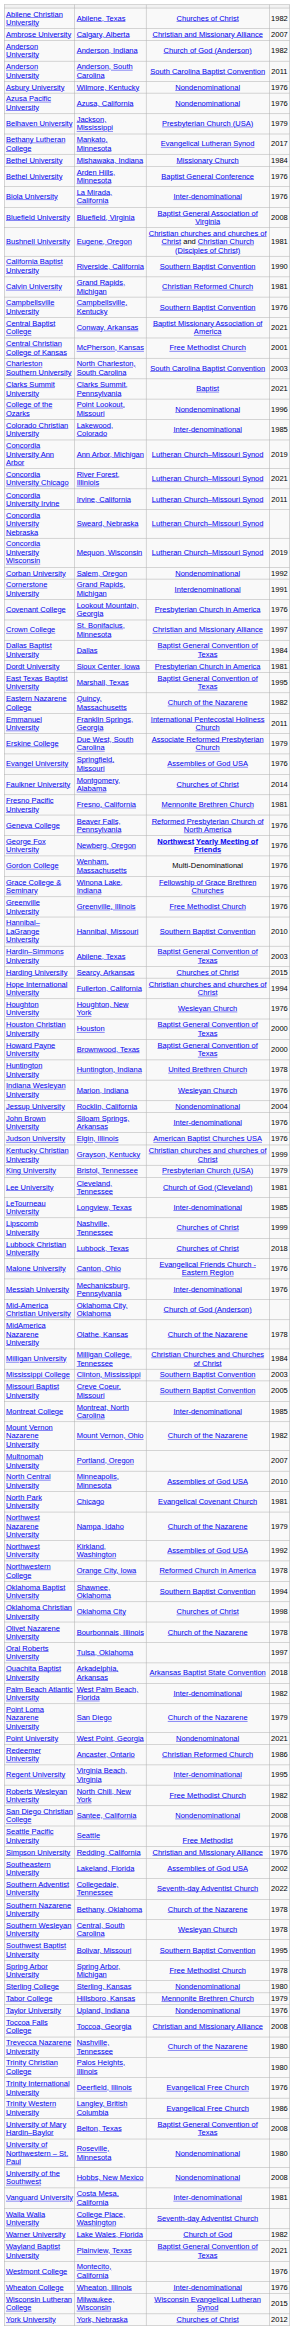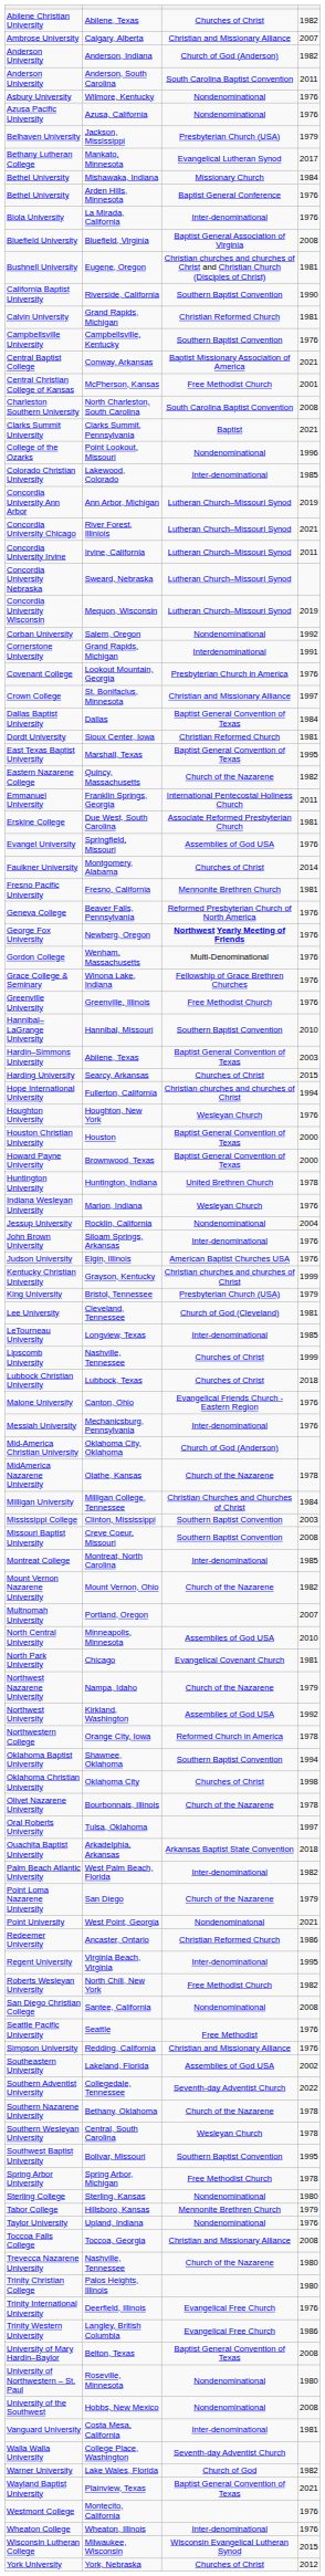 <table class="wikitable sortable" style="float:left;">
 <tr>
 <th></th>
 <th></th>
 <th></th>
 <th></th>
 </tr>
 <tr>
 <td><a href='#'>Abilene Christian University</a></td>
 <td><a href='#'>Abilene, Texas</a></td>
 <td style="text-align:center;"><a href='#'>Churches of Christ</a></td>
 <td style="text-align:center;">1982</td>
 </tr>
 <tr>
 <td><a href='#'>Ambrose University</a></td>
 <td><a href='#'>Calgary, Alberta</a></td>
 <td style="text-align:center;"><a href='#'>Christian and Missionary Alliance</a></td>
 <td style="text-align:center;">2007</td>
 </tr>
 <tr>
 <td><a href='#'>Anderson University</a></td>
 <td><a href='#'>Anderson, Indiana</a></td>
 <td style="text-align:center;"><a href='#'>Church of God (Anderson)</a></td>
 <td style="text-align:center;">1982</td>
 </tr>
 <tr>
 <td><a href='#'>Anderson University</a></td>
 <td><a href='#'>Anderson, South Carolina</a></td>
 <td style="text-align:center;"><a href='#'>South Carolina Baptist Convention</a></td>
 <td style="text-align:center;">2011</td>
 </tr>
 <tr>
 <td><a href='#'>Asbury University</a></td>
 <td><a href='#'>Wilmore, Kentucky</a></td>
 <td style="text-align:center;"><a href='#'>Nondenominational</a></td>
 <td style="text-align:center;">1976</td>
 </tr>
 <tr>
 <td><a href='#'>Azusa Pacific University</a></td>
 <td><a href='#'>Azusa, California</a></td>
 <td style="text-align:center;"><a href='#'>Nondenominational</a></td>
 <td style="text-align:center;">1976</td>
 </tr>
 <tr>
 <td><a href='#'>Belhaven University</a></td>
 <td><a href='#'>Jackson, Mississippi</a></td>
 <td style="text-align:center;"><a href='#'>Presbyterian Church (USA)</a></td>
 <td style="text-align:center;">1979</td>
 </tr>
 <tr>
 <td><a href='#'>Bethany Lutheran College</a></td>
 <td><a href='#'>Mankato, Minnesota</a></td>
 <td style="text-align:center;"><a href='#'>Evangelical Lutheran Synod</a></td>
 <td style="text-align:center;">2017</td>
 </tr>
 <tr>
 <td><a href='#'>Bethel University</a></td>
 <td><a href='#'>Mishawaka, Indiana</a></td>
 <td style="text-align:center;"><a href='#'>Missionary Church</a></td>
 <td style="text-align:center;">1984</td>
 </tr>
 <tr>
 <td><a href='#'>Bethel University</a></td>
 <td><a href='#'>Arden Hills, Minnesota</a></td>
 <td style="text-align:center;"><a href='#'>Baptist General Conference</a></td>
 <td style="text-align:center;">1976</td>
 </tr>
 <tr>
 <td><a href='#'>Biola University</a></td>
 <td><a href='#'>La Mirada, California</a></td>
 <td style="text-align:center;"><a href='#'>Inter-denominational</a></td>
 <td style="text-align:center;">1976</td>
 </tr>
 <tr>
 <td><a href='#'>Bluefield University</a></td>
 <td><a href='#'>Bluefield, Virginia</a></td>
 <td style="text-align:center;"><a href='#'>Baptist General Association of Virginia</a></td>
 <td style="text-align:center;">2008</td>
 </tr>
 <tr>
 <td><a href='#'>Bushnell University</a></td>
 <td><a href='#'>Eugene, Oregon</a></td>
 <td style="text-align:center;"><a href='#'>Christian churches and churches of Christ</a> and <a href='#'>Christian Church (Disciples of Christ)</a></td>
 <td style="text-align:center;">1981</td>
 </tr>
 <tr>
 <td><a href='#'>California Baptist University</a></td>
 <td><a href='#'>Riverside, California</a></td>
 <td style="text-align:center;"><a href='#'>Southern Baptist Convention</a></td>
 <td style="text-align:center;">1990</td>
 </tr>
 <tr>
 <td><a href='#'>Calvin University</a></td>
 <td><a href='#'>Grand Rapids, Michigan</a></td>
 <td style="text-align:center;"><a href='#'>Christian Reformed Church</a></td>
 <td style="text-align:center;">1981</td>
 </tr>
 <tr>
 <td><a href='#'>Campbellsville University</a></td>
 <td><a href='#'>Campbellsville, Kentucky</a></td>
 <td style="text-align:center;"><a href='#'>Southern Baptist Convention</a></td>
 <td style="text-align:center;">1976</td>
 </tr>
 <tr>
 <td><a href='#'>Central Baptist College</a></td>
 <td><a href='#'>Conway, Arkansas</a></td>
 <td style="text-align:center;"><a href='#'>Baptist Missionary Association of America</a></td>
 <td style="text-align:center;">2021</td>
 </tr>
 <tr>
 <td><a href='#'>Central Christian College of Kansas</a></td>
 <td><a href='#'>McPherson, Kansas</a></td>
 <td style="text-align:center;"><a href='#'>Free Methodist Church</a></td>
 <td style="text-align:center;">2001</td>
 </tr>
 <tr>
 <td><a href='#'>Charleston Southern University</a></td>
 <td><a href='#'>North Charleston, South Carolina</a></td>
 <td style="text-align:center;"><a href='#'>South Carolina Baptist Convention</a></td>
-<td style="text-align:center;">2003</td>
+<td style="text-align:center;">2008</td>
 </tr>
 <tr>
 <td><a href='#'>Clarks Summit University</a></td>
 <td><a href='#'>Clarks Summit, Pennsylvania</a></td>
 <td style="text-align:center;"><a href='#'>Baptist</a></td>
 <td style="text-align:center;">2021</td>
 </tr>
 <tr>
 <td><a href='#'>College of the Ozarks</a></td>
 <td><a href='#'>Point Lookout, Missouri</a></td>
 <td style="text-align:center;"><a href='#'>Nondenominational</a></td>
 <td style="text-align:center;">1996</td>
 </tr>
 <tr>
 <td><a href='#'>Colorado Christian University</a></td>
 <td><a href='#'>Lakewood, Colorado</a></td>
 <td style="text-align:center;"><a href='#'>Inter-denominational</a></td>
 <td style="text-align:center;">1985</td>
 </tr>
 <tr>
 <td><a href='#'>Concordia University Ann Arbor</a></td>
 <td><a href='#'>Ann Arbor, Michigan</a></td>
 <td style="text-align:center;"><a href='#'>Lutheran Church–Missouri Synod</a></td>
 <td style="text-align:center;">2019</td>
 </tr>
 <tr>
 <td><a href='#'>Concordia University Chicago</a></td>
 <td><a href='#'>River Forest, Illiniois</a></td>
 <td style="text-align:center;"><a href='#'>Lutheran Church–Missouri Synod</a></td>
 <td style="text-align:center;">2021</td>
 </tr>
 <tr>
 <td><a href='#'>Concordia University Irvine</a></td>
 <td><a href='#'>Irvine, California</a></td>
 <td style="text-align:center;"><a href='#'>Lutheran Church–Missouri Synod</a></td>
 <td style="text-align:center;">2011</td>
 </tr>
 <tr>
 <td><a href='#'>Concordia University Nebraska</a></td>
 <td><a href='#'>Sweard, Nebraska</a></td>
 <td style="text-align:center;"><a href='#'>Lutheran Church–Missouri Synod</a></td>
 <td style="text-align:center;"></td>
 </tr>
 <tr>
 <td><a href='#'>Concordia University Wisconsin</a></td>
 <td><a href='#'>Mequon, Wisconsin</a></td>
 <td style="text-align:center;"><a href='#'>Lutheran Church–Missouri Synod</a></td>
 <td style="text-align:center;">2019</td>
 </tr>
 <tr>
 <td><a href='#'>Corban University</a></td>
 <td><a href='#'>Salem, Oregon</a></td>
 <td style="text-align:center;"><a href='#'>Nondenominational</a></td>
 <td style="text-align:center;">1992</td>
 </tr>
 <tr>
 <td><a href='#'>Cornerstone University</a></td>
 <td><a href='#'>Grand Rapids, Michigan</a></td>
 <td style="text-align:center;"><a href='#'>Interdenominational</a></td>
 <td style="text-align:center;">1991</td>
 </tr>
 <tr>
 <td><a href='#'>Covenant College</a></td>
 <td><a href='#'>Lookout Mountain, Georgia</a></td>
 <td style="text-align:center;"><a href='#'>Presbyterian Church in America</a></td>
 <td style="text-align:center;">1976</td>
 </tr>
 <tr>
 <td><a href='#'>Crown College</a></td>
 <td><a href='#'>St. Bonifacius, Minnesota</a></td>
 <td style="text-align:center;"><a href='#'>Christian and Missionary Alliance</a></td>
 <td style="text-align:center;">1997</td>
 </tr>
 <tr>
 <td><a href='#'>Dallas Baptist University</a></td>
 <td><a href='#'>Dallas</a></td>
 <td style="text-align:center;"><a href='#'>Baptist General Convention of Texas</a></td>
 <td style="text-align:center;">1984</td>
 </tr>
 <tr>
 <td><a href='#'>Dordt University</a></td>
 <td><a href='#'>Sioux Center, Iowa</a></td>
-<td style="text-align:center;"><a href='#'>Presbyterian Church in America</a></td>
+<td style="text-align:center;"><a href='#'>Christian Reformed Church</a></td>
 <td style="text-align:center;">1981</td>
 </tr>
 <tr>
 <td><a href='#'>East Texas Baptist University</a></td>
 <td><a href='#'>Marshall, Texas</a></td>
 <td style="text-align:center;"><a href='#'>Baptist General Convention of Texas</a></td>
 <td style="text-align:center;">1995</td>
 </tr>
 <tr>
 <td><a href='#'>Eastern Nazarene College</a></td>
 <td><a href='#'>Quincy, Massachusetts</a></td>
 <td style="text-align:center;"><a href='#'>Church of the Nazarene</a></td>
 <td style="text-align:center;">1982</td>
 </tr>
 <tr>
 <td><a href='#'>Emmanuel University</a></td>
 <td><a href='#'>Franklin Springs, Georgia</a></td>
 <td style="text-align:center;"><a href='#'>International Pentecostal Holiness Church</a></td>
 <td style="text-align:center;">2011</td>
 </tr>
 <tr>
 <td><a href='#'>Erskine College</a></td>
 <td><a href='#'>Due West, South Carolina</a></td>
 <td style="text-align:center;"><a href='#'>Associate Reformed Presbyterian Church</a></td>
-<td style="text-align:center;">1979</td>
+<td style="text-align:center;">1981</td>
 </tr>
 <tr>
 <td><a href='#'>Evangel University</a></td>
 <td><a href='#'>Springfield, Missouri</a></td>
 <td style="text-align:center;"><a href='#'>Assemblies of God USA</a></td>
 <td style="text-align:center;">1976</td>
 </tr>
 <tr>
 <td><a href='#'>Faulkner University</a></td>
 <td><a href='#'>Montgomery, Alabama</a></td>
 <td style="text-align:center;"><a href='#'>Churches of Christ</a></td>
 <td style="text-align:center;">2014</td>
 </tr>
 <tr>
 <td><a href='#'>Fresno Pacific University</a></td>
 <td><a href='#'>Fresno, California</a></td>
 <td style="text-align:center;"><a href='#'>Mennonite Brethren Church</a></td>
 <td style="text-align:center;">1981</td>
 </tr>
 <tr>
 <td><a href='#'>Geneva College</a></td>
 <td><a href='#'>Beaver Falls, Pennsylvania</a></td>
 <td style="text-align:center;"><a href='#'>Reformed Presbyterian Church of North America</a></td>
 <td style="text-align:center;">1976</td>
 </tr>
 <tr>
 <td><a href='#'>George Fox University</a></td>
 <td><a href='#'>Newberg, Oregon</a></td>
 <td style="text-align:center;"><strong><a href='#'>Northwest</a> <a href='#'>Yearly Meeting of Friends</a></strong></td>
 <td style="text-align:center;">1976</td>
 </tr>
 <tr>
 <td><a href='#'>Gordon College</a></td>
 <td><a href='#'>Wenham, Massachusetts</a></td>
 <td style="text-align:center;">Multi-Denominational</td>
 <td style="text-align:center;">1976</td>
 </tr>
 <tr>
 <td><a href='#'>Grace College & Seminary</a></td>
 <td><a href='#'>Winona Lake, Indiana</a></td>
 <td style="text-align:center;"><a href='#'>Fellowship of Grace Brethren Churches</a></td>
 <td style="text-align:center;">1976</td>
 </tr>
 <tr>
 <td><a href='#'>Greenville University</a></td>
 <td><a href='#'>Greenville, Illinois</a></td>
 <td style="text-align:center;"><a href='#'>Free Methodist Church</a></td>
 <td style="text-align:center;">1976</td>
 </tr>
 <tr>
 <td><a href='#'>Hannibal–LaGrange University</a></td>
 <td><a href='#'>Hannibal, Missouri</a></td>
 <td style="text-align:center;"><a href='#'>Southern Baptist Convention</a></td>
 <td style="text-align:center;">2010</td>
 </tr>
 <tr>
 <td><a href='#'>Hardin–Simmons University</a></td>
 <td><a href='#'>Abilene, Texas</a></td>
 <td style="text-align:center;"><a href='#'>Baptist General Convention of Texas</a></td>
 <td style="text-align:center;">2003</td>
 </tr>
 <tr>
 <td><a href='#'>Harding University</a></td>
 <td><a href='#'>Searcy, Arkansas</a></td>
 <td style="text-align:center;"><a href='#'>Churches of Christ</a></td>
 <td style="text-align:center;">2015</td>
 </tr>
 <tr>
 <td><a href='#'>Hope International University</a></td>
 <td><a href='#'>Fullerton, California</a></td>
 <td style="text-align:center;"><a href='#'>Christian churches and churches of Christ</a></td>
 <td style="text-align:center;">1994</td>
 </tr>
 <tr>
 <td><a href='#'>Houghton University</a></td>
 <td><a href='#'>Houghton, New York</a></td>
 <td style="text-align:center;"><a href='#'>Wesleyan Church</a></td>
 <td style="text-align:center;">1976</td>
 </tr>
 <tr>
 <td><a href='#'>Houston Christian University</a></td>
 <td><a href='#'>Houston</a></td>
 <td style="text-align:center;"><a href='#'>Baptist General Convention of Texas</a></td>
 <td style="text-align:center;">2000</td>
 </tr>
 <tr>
 <td><a href='#'>Howard Payne University</a></td>
 <td><a href='#'>Brownwood, Texas</a></td>
 <td style="text-align:center;"><a href='#'>Baptist General Convention of Texas</a></td>
 <td style="text-align:center;">2000</td>
 </tr>
 <tr>
 <td><a href='#'>Huntington University</a></td>
 <td><a href='#'>Huntington, Indiana</a></td>
 <td style="text-align:center;"><a href='#'>United Brethren Church</a></td>
 <td style="text-align:center;">1978</td>
 </tr>
 <tr>
 <td><a href='#'>Indiana Wesleyan University</a></td>
 <td><a href='#'>Marion, Indiana</a></td>
 <td style="text-align:center;"><a href='#'>Wesleyan Church</a></td>
 <td style="text-align:center;">1976</td>
 </tr>
 <tr>
 <td><a href='#'>Jessup University</a></td>
 <td><a href='#'>Rocklin, California</a></td>
 <td style="text-align:center;"><a href='#'>Nondenominational</a></td>
 <td style="text-align:center;">2004</td>
 </tr>
 <tr>
 <td><a href='#'>John Brown University</a></td>
 <td><a href='#'>Siloam Springs, Arkansas</a></td>
 <td style="text-align:center;"><a href='#'>Inter-denominational</a></td>
 <td style="text-align:center;">1976</td>
 </tr>
 <tr>
 <td><a href='#'>Judson University</a></td>
 <td><a href='#'>Elgin, Illinois</a></td>
 <td style="text-align:center;"><a href='#'>American Baptist Churches USA</a></td>
 <td style="text-align:center;">1976</td>
 </tr>
 <tr>
 <td><a href='#'>Kentucky Christian University</a></td>
 <td><a href='#'>Grayson, Kentucky</a></td>
 <td style="text-align:center;"><a href='#'>Christian churches and churches of Christ</a></td>
 <td style="text-align:center;">1999</td>
 </tr>
 <tr>
 <td><a href='#'>King University</a></td>
 <td><a href='#'>Bristol, Tennessee</a></td>
 <td style="text-align:center;"><a href='#'>Presbyterian Church (USA)</a></td>
 <td style="text-align:center;">1979</td>
 </tr>
 <tr>
 <td><a href='#'>Lee University</a></td>
 <td><a href='#'>Cleveland, Tennessee</a></td>
 <td style="text-align:center;"><a href='#'>Church of God (Cleveland)</a></td>
 <td style="text-align:center;">1981</td>
 </tr>
 <tr>
 <td><a href='#'>LeTourneau University</a></td>
 <td><a href='#'>Longview, Texas</a></td>
 <td style="text-align:center;"><a href='#'>Inter-denominational</a></td>
 <td style="text-align:center;">1985</td>
 </tr>
 <tr>
 <td><a href='#'>Lipscomb University</a></td>
 <td><a href='#'>Nashville, Tennessee</a></td>
 <td style="text-align:center;"><a href='#'>Churches of Christ</a></td>
 <td style="text-align:center;">1999</td>
 </tr>
 <tr>
 <td><a href='#'>Lubbock Christian University</a></td>
 <td><a href='#'>Lubbock, Texas</a></td>
 <td style="text-align:center;"><a href='#'>Churches of Christ</a></td>
 <td style="text-align:center;">2018</td>
 </tr>
 <tr>
 <td><a href='#'>Malone University</a></td>
 <td><a href='#'>Canton, Ohio</a></td>
 <td style="text-align:center;"><a href='#'>Evangelical Friends Church - Eastern Region</a></td>
 <td style="text-align:center;">1976</td>
 </tr>
 <tr>
 <td><a href='#'>Messiah University</a></td>
 <td><a href='#'>Mechanicsburg, Pennsylvania</a></td>
 <td style="text-align:center;"><a href='#'>Inter-denominational</a></td>
 <td style="text-align:center;">1976</td>
 </tr>
 <tr>
 <td><a href='#'>Mid-America Christian University</a></td>
 <td><a href='#'>Oklahoma City, Oklahoma</a></td>
 <td style="text-align:center;"><a href='#'>Church of God (Anderson)</a></td>
 <td style="text-align:center;"></td>
 </tr>
 <tr>
 <td><a href='#'>MidAmerica Nazarene University</a></td>
 <td><a href='#'>Olathe, Kansas</a></td>
 <td style="text-align:center;"><a href='#'>Church of the Nazarene</a></td>
 <td style="text-align:center;">1978</td>
 </tr>
 <tr>
 <td><a href='#'>Milligan University</a></td>
 <td><a href='#'>Milligan College, Tennessee</a></td>
 <td style="text-align:center;"><a href='#'>Christian Churches and Churches of Christ</a></td>
 <td style="text-align:center;">1984</td>
 </tr>
 <tr>
 <td><a href='#'>Mississippi College</a></td>
 <td><a href='#'>Clinton, Mississippi</a></td>
 <td style="text-align:center;"><a href='#'>Southern Baptist Convention</a></td>
 <td style="text-align:center;">2003</td>
 </tr>
 <tr>
 <td><a href='#'>Missouri Baptist University</a></td>
 <td><a href='#'>Creve Coeur, Missouri</a></td>
 <td style="text-align:center;"><a href='#'>Southern Baptist Convention</a></td>
-<td style="text-align:center;">2005</td>
+<td style="text-align:center;">2008</td>
 </tr>
 <tr>
 <td><a href='#'>Montreat College</a></td>
 <td><a href='#'>Montreat, North Carolina</a></td>
 <td style="text-align:center;"><a href='#'>Inter-denominational</a></td>
 <td style="text-align:center;">1985</td>
 </tr>
 <tr>
 <td><a href='#'>Mount Vernon Nazarene University</a></td>
 <td><a href='#'>Mount Vernon, Ohio</a></td>
 <td style="text-align:center;"><a href='#'>Church of the Nazarene</a></td>
 <td style="text-align:center;">1982</td>
 </tr>
 <tr>
 <td><a href='#'>Multnomah University</a></td>
 <td><a href='#'>Portland, Oregon</a></td>
 <td></td>
 <td style="text-align:center;">2007</td>
 </tr>
 <tr>
 <td><a href='#'>North Central University</a></td>
 <td><a href='#'>Minneapolis, Minnesota</a></td>
 <td style="text-align:center;"><a href='#'>Assemblies of God USA</a></td>
 <td style="text-align:center;">2010</td>
 </tr>
 <tr>
 <td><a href='#'>North Park University</a></td>
 <td><a href='#'>Chicago</a></td>
 <td style="text-align:center;"><a href='#'>Evangelical Covenant Church</a></td>
 <td style="text-align:center;">1981</td>
 </tr>
 <tr>
 <td><a href='#'>Northwest Nazarene University</a></td>
 <td><a href='#'>Nampa, Idaho</a></td>
 <td style="text-align:center;"><a href='#'>Church of the Nazarene</a></td>
 <td style="text-align:center;">1979</td>
 </tr>
 <tr>
 <td><a href='#'>Northwest University</a></td>
 <td><a href='#'>Kirkland, Washington</a></td>
 <td style="text-align:center;"><a href='#'>Assemblies of God USA</a></td>
 <td style="text-align:center;">1992</td>
 </tr>
 <tr>
 <td><a href='#'>Northwestern College</a></td>
 <td><a href='#'>Orange City, Iowa</a></td>
 <td style="text-align:center;"><a href='#'>Reformed Church in America</a></td>
 <td style="text-align:center;">1978</td>
 </tr>
 <tr>
 <td><a href='#'>Oklahoma Baptist University</a></td>
 <td><a href='#'>Shawnee, Oklahoma</a></td>
 <td style="text-align:center;"><a href='#'>Southern Baptist Convention</a></td>
 <td style="text-align:center;">1994</td>
 </tr>
 <tr>
 <td><a href='#'>Oklahoma Christian University</a></td>
 <td><a href='#'>Oklahoma City</a></td>
 <td style="text-align:center;"><a href='#'>Churches of Christ</a></td>
 <td style="text-align:center;">1998</td>
 </tr>
 <tr>
 <td><a href='#'>Olivet Nazarene University</a></td>
 <td><a href='#'>Bourbonnais, Illinois</a></td>
 <td style="text-align:center;"><a href='#'>Church of the Nazarene</a></td>
 <td style="text-align:center;">1978</td>
 </tr>
 <tr>
 <td><a href='#'>Oral Roberts University</a></td>
 <td><a href='#'>Tulsa, Oklahoma</a></td>
 <td style="text-align:center;"></td>
 <td style="text-align:center;">1997</td>
 </tr>
 <tr>
 <td><a href='#'>Ouachita Baptist University</a></td>
 <td><a href='#'>Arkadelphia, Arkansas</a></td>
 <td style="text-align:center;"><a href='#'>Arkansas Baptist State Convention</a></td>
 <td style="text-align:center;">2018</td>
 </tr>
 <tr>
 <td><a href='#'>Palm Beach Atlantic University</a></td>
 <td><a href='#'>West Palm Beach, Florida</a></td>
 <td style="text-align:center;"><a href='#'>Inter-denominational</a></td>
 <td style="text-align:center;">1982</td>
 </tr>
 <tr>
 <td><a href='#'>Point Loma Nazarene University</a></td>
 <td><a href='#'>San Diego</a></td>
 <td style="text-align:center;"><a href='#'>Church of the Nazarene</a></td>
 <td style="text-align:center;">1979</td>
 </tr>
 <tr>
 <td><a href='#'>Point University</a></td>
 <td><a href='#'>West Point, Georgia</a></td>
 <td style="text-align:center;"><a href='#'>Nondenominatonal</a></td>
 <td style="text-align:center;">2021</td>
 </tr>
 <tr>
 <td><a href='#'>Redeemer University</a></td>
 <td><a href='#'>Ancaster, Ontario</a></td>
 <td style="text-align:center;"><a href='#'>Christian Reformed Church</a></td>
 <td style="text-align:center;">1986</td>
 </tr>
 <tr>
 <td><a href='#'>Regent University</a></td>
 <td><a href='#'>Virginia Beach, Virginia</a></td>
 <td style="text-align:center;"><a href='#'>Inter-denominational</a></td>
 <td style="text-align:center;">1995</td>
 </tr>
 <tr>
 <td><a href='#'>Roberts Wesleyan University</a></td>
 <td><a href='#'>North Chili, New York</a></td>
 <td style="text-align:center;"><a href='#'>Free Methodist Church</a></td>
 <td style="text-align:center;">1982</td>
 </tr>
 <tr>
 <td><a href='#'>San Diego Christian College</a></td>
 <td><a href='#'>Santee, California</a></td>
 <td style="text-align:center;"><a href='#'>Nondenominational</a></td>
 <td style="text-align:center;">2008</td>
 </tr>
 <tr>
 <td><a href='#'>Seattle Pacific University</a></td>
 <td><a href='#'>Seattle</a></td>
 <td style="text-align:center;"><br><a href='#'>Free Methodist</a></td>
 <td style="text-align:center;">1976</td>
 </tr>
 <tr>
 <td><a href='#'>Simpson University</a></td>
 <td><a href='#'>Redding, California</a></td>
 <td style="text-align:center;"><a href='#'>Christian and Missionary Alliance</a></td>
 <td style="text-align:center;">1976</td>
 </tr>
 <tr>
 <td><a href='#'>Southeastern University</a></td>
 <td><a href='#'>Lakeland, Florida</a></td>
 <td style="text-align:center;"><a href='#'>Assemblies of God USA</a></td>
 <td style="text-align:center;">2002</td>
 </tr>
 <tr>
 <td><a href='#'>Southern Adventist University</a></td>
 <td><a href='#'>Collegedale, Tennessee</a></td>
 <td style="text-align:center;"><a href='#'>Seventh-day Adventist Church</a></td>
 <td style="text-align:center;">2022</td>
 </tr>
 <tr>
 <td><a href='#'>Southern Nazarene University</a></td>
 <td><a href='#'>Bethany, Oklahoma</a></td>
 <td style="text-align:center;"><a href='#'>Church of the Nazarene</a></td>
 <td style="text-align:center;">1978</td>
 </tr>
 <tr>
 <td><a href='#'>Southern Wesleyan University</a></td>
 <td><a href='#'>Central, South Carolina</a></td>
 <td style="text-align:center;"><a href='#'>Wesleyan Church</a></td>
 <td style="text-align:center;">1978</td>
 </tr>
 <tr>
 <td><a href='#'>Southwest Baptist University</a></td>
 <td><a href='#'>Bolivar, Missouri</a></td>
 <td style="text-align:center;"><a href='#'>Southern Baptist Convention</a></td>
 <td style="text-align:center;">1995</td>
 </tr>
 <tr>
 <td><a href='#'>Spring Arbor University</a></td>
 <td><a href='#'>Spring Arbor, Michigan</a></td>
 <td style="text-align:center;"><a href='#'>Free Methodist Church</a></td>
 <td style="text-align:center;">1978</td>
 </tr>
 <tr>
 <td><a href='#'>Sterling College</a></td>
 <td><a href='#'>Sterling, Kansas</a></td>
 <td style="text-align:center;"><a href='#'>Nondenominational</a></td>
 <td style="text-align:center;">1980</td>
 </tr>
 <tr>
 <td><a href='#'>Tabor College</a></td>
 <td><a href='#'>Hillsboro, Kansas</a></td>
 <td style="text-align:center;"><a href='#'>Mennonite Brethren Church</a></td>
 <td style="text-align:center;">1979</td>
 </tr>
 <tr>
 <td><a href='#'>Taylor University</a></td>
 <td><a href='#'>Upland, Indiana</a></td>
 <td style="text-align:center;"><a href='#'>Nondenominational</a></td>
 <td style="text-align:center;">1976</td>
 </tr>
 <tr>
 <td><a href='#'>Toccoa Falls College</a></td>
 <td><a href='#'>Toccoa, Georgia</a></td>
 <td style="text-align:center;"><a href='#'>Christian and Missionary Alliance</a></td>
 <td style="text-align:center;">2008</td>
 </tr>
 <tr>
 <td><a href='#'>Trevecca Nazarene University</a></td>
 <td><a href='#'>Nashville, Tennessee</a></td>
 <td style="text-align:center;"><a href='#'>Church of the Nazarene</a></td>
 <td style="text-align:center;">1980</td>
 </tr>
 <tr>
 <td><a href='#'>Trinity Christian College</a></td>
 <td><a href='#'>Palos Heights, Illinois</a></td>
 <td style="text-align:center;"></td>
 <td style="text-align:center;">1980</td>
 </tr>
 <tr>
 <td><a href='#'>Trinity International University</a></td>
 <td><a href='#'>Deerfield, Illinois</a></td>
 <td style="text-align:center;"><a href='#'>Evangelical Free Church</a></td>
 <td style="text-align:center;">1976</td>
 </tr>
 <tr>
 <td><a href='#'>Trinity Western University</a></td>
 <td><a href='#'>Langley, British Columbia</a></td>
 <td style="text-align:center;"><a href='#'>Evangelical Free Church</a></td>
 <td style="text-align:center;">1986</td>
 </tr>
 <tr>
 <td><a href='#'>University of Mary Hardin–Baylor</a></td>
 <td><a href='#'>Belton, Texas</a></td>
 <td style="text-align:center;"><a href='#'>Baptist General Convention of Texas</a></td>
 <td style="text-align:center;">2008</td>
 </tr>
 <tr>
 <td><a href='#'>University of Northwestern – St. Paul</a></td>
 <td><a href='#'>Roseville, Minnesota</a></td>
 <td style="text-align:center;"><a href='#'>Nondenominational</a></td>
 <td style="text-align:center;">1980</td>
 </tr>
 <tr>
 <td><a href='#'>University of the Southwest</a></td>
 <td><a href='#'>Hobbs, New Mexico</a></td>
 <td style="text-align:center;"><a href='#'>Nondenominational</a></td>
 <td style="text-align:center;">2008</td>
 </tr>
 <tr>
 <td><a href='#'>Vanguard University</a></td>
 <td><a href='#'>Costa Mesa, California</a></td>
 <td style="text-align:center;"><a href='#'>Inter-denominational</a></td>
 <td style="text-align:center;">1981</td>
 </tr>
 <tr>
 <td><a href='#'>Walla Walla University</a></td>
 <td><a href='#'>College Place, Washington</a></td>
 <td style="text-align:center;"><a href='#'>Seventh-day Adventist Church</a></td>
 <td style="text-align:center;"></td>
 </tr>
 <tr>
 <td><a href='#'>Warner University</a></td>
 <td><a href='#'>Lake Wales, Florida</a></td>
 <td style="text-align:center;"><a href='#'>Church of God</a></td>
 <td style="text-align:center;">1982</td>
 </tr>
 <tr>
 <td><a href='#'>Wayland Baptist University</a></td>
 <td><a href='#'>Plainview, Texas</a></td>
 <td style="text-align:center;"><a href='#'>Baptist General Convention of Texas</a></td>
 <td style="text-align:center;">2021</td>
 </tr>
 <tr>
 <td><a href='#'>Westmont College</a></td>
 <td><a href='#'>Montecito, California</a></td>
 <td style="text-align:center;"></td>
 <td style="text-align:center;">1976</td>
 </tr>
 <tr>
 <td><a href='#'>Wheaton College</a></td>
 <td><a href='#'>Wheaton, Illinois</a></td>
 <td style="text-align:center;"><a href='#'>Inter-denominational</a></td>
 <td style="text-align:center;">1976</td>
 </tr>
 <tr>
 <td><a href='#'>Wisconsin Lutheran College</a></td>
 <td><a href='#'>Milwaukee, Wisconsin</a></td>
 <td style="text-align:center;"><a href='#'>Wisconsin Evangelical Lutheran Synod</a></td>
 <td style="text-align:center;">2015</td>
 </tr>
 <tr>
 <td><a href='#'>York University</a></td>
 <td><a href='#'>York, Nebraska</a></td>
 <td style="text-align:center;"><a href='#'>Churches of Christ</a></td>
 <td style="text-align:center;">2012</td>
 </tr>
 </table>
